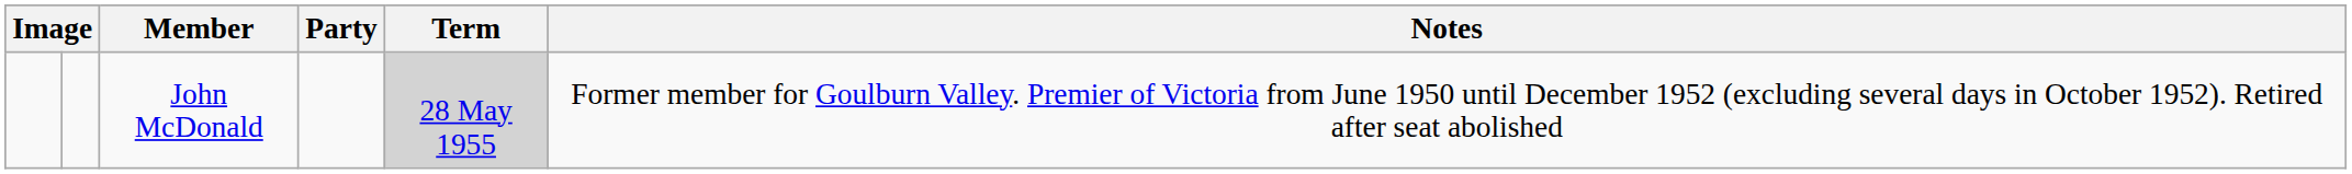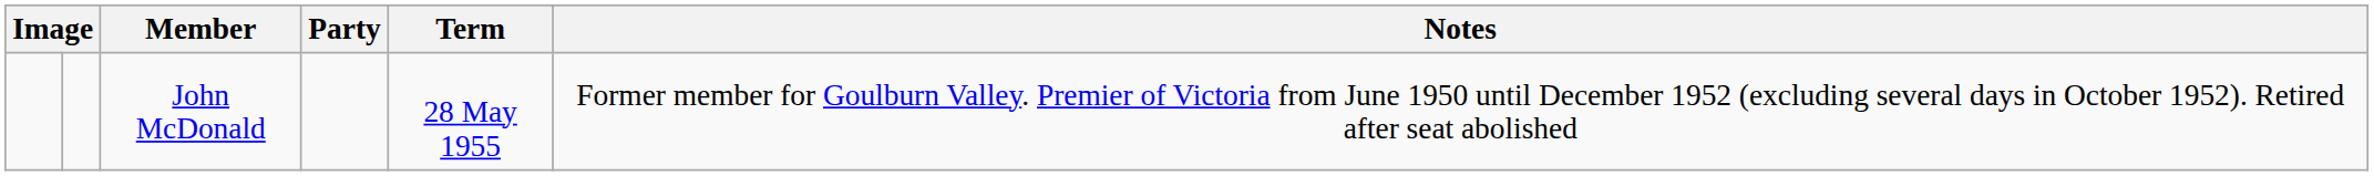 <table class="wikitable" style="text-align:center">
 <tr>
 <th colspan=2>Image</th>
 <th>Member</th>
 <th>Party</th>
 <th>Term</th>
 <th>Notes</th>
 </tr>
 <tr>
 <td> </td>
 <td></td>
 <td><a href='#'>John McDonald</a><br></td>
 <td></td>
-<td style="background: lightgrey;"><br> <a href='#'>28 May 1955</a></td>
+<td><br> <a href='#'>28 May 1955</a></td>
 <td>Former member for <a href='#'>Goulburn Valley</a>. <a href='#'>Premier of Victoria</a> from June 1950 until December 1952 (excluding several days in October 1952). Retired after seat abolished</td>
 </tr>
 </table>
